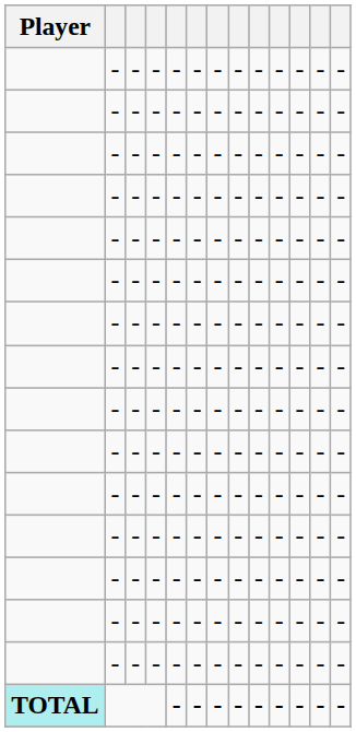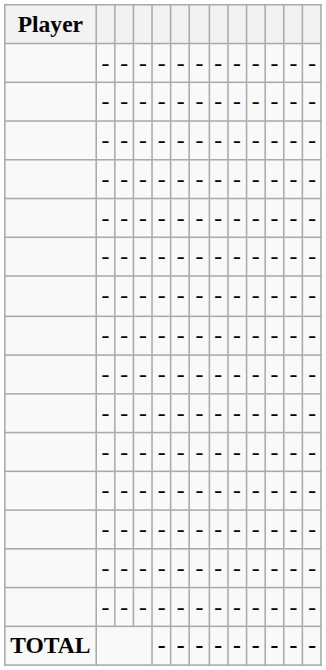 <table class="wikitable sortable" style="font-size:95%; text-align:right;">
 <tr>
 <th>Player</th>
 <th></th>
 <th></th>
 <th></th>
 <th></th>
 <th></th>
 <th></th>
 <th></th>
 <th></th>
 <th></th>
 <th></th>
 <th></th>
 <th></th>
 </tr>
 <tr>
 <td><strong></strong></td>
 <td>-</td>
 <td>-</td>
 <td>-</td>
 <td>-</td>
 <td>-</td>
 <td>-</td>
 <td>-</td>
 <td>-</td>
 <td>-</td>
 <td>-</td>
 <td>-</td>
 <td>-</td>
 </tr>
 <tr>
 <td><strong></strong></td>
 <td>-</td>
 <td>-</td>
 <td>-</td>
 <td>-</td>
 <td>-</td>
 <td>-</td>
 <td>-</td>
 <td>-</td>
 <td>-</td>
 <td>-</td>
 <td>-</td>
 <td>-</td>
 </tr>
 <tr>
 <td><strong></strong></td>
 <td>-</td>
 <td>-</td>
 <td>-</td>
 <td>-</td>
 <td>-</td>
 <td>-</td>
 <td>-</td>
 <td>-</td>
 <td>-</td>
 <td>-</td>
 <td>-</td>
 <td>-</td>
 </tr>
 <tr>
 <td><strong></strong></td>
 <td>-</td>
 <td>-</td>
 <td>-</td>
 <td>-</td>
 <td>-</td>
 <td>-</td>
 <td>-</td>
 <td>-</td>
 <td>-</td>
 <td>-</td>
 <td>-</td>
 <td>-</td>
 </tr>
 <tr>
 <td><strong></strong></td>
 <td>-</td>
 <td>-</td>
 <td>-</td>
 <td>-</td>
 <td>-</td>
 <td>-</td>
 <td>-</td>
 <td>-</td>
 <td>-</td>
 <td>-</td>
 <td>-</td>
 <td>-</td>
 </tr>
 <tr>
 <td><strong></strong></td>
 <td>-</td>
 <td>-</td>
 <td>-</td>
 <td>-</td>
 <td>-</td>
 <td>-</td>
 <td>-</td>
 <td>-</td>
 <td>-</td>
 <td>-</td>
 <td>-</td>
 <td>-</td>
 </tr>
 <tr>
 <td><strong></strong></td>
 <td>-</td>
 <td>-</td>
 <td>-</td>
 <td>-</td>
 <td>-</td>
 <td>-</td>
 <td>-</td>
 <td>-</td>
 <td>-</td>
 <td>-</td>
 <td>-</td>
 <td>-</td>
 </tr>
 <tr>
 <td><strong></strong></td>
 <td>-</td>
 <td>-</td>
 <td>-</td>
 <td>-</td>
 <td>-</td>
 <td>-</td>
 <td>-</td>
 <td>-</td>
 <td>-</td>
 <td>-</td>
 <td>-</td>
 <td>-</td>
 </tr>
 <tr>
 <td><strong></strong></td>
 <td>-</td>
 <td>-</td>
 <td>-</td>
 <td>-</td>
 <td>-</td>
 <td>-</td>
 <td>-</td>
 <td>-</td>
 <td>-</td>
 <td>-</td>
 <td>-</td>
 <td>-</td>
 </tr>
 <tr>
 <td><strong></strong></td>
 <td>-</td>
 <td>-</td>
 <td>-</td>
 <td>-</td>
 <td>-</td>
 <td>-</td>
 <td>-</td>
 <td>-</td>
 <td>-</td>
 <td>-</td>
 <td>-</td>
 <td>-</td>
 </tr>
 <tr>
 <td><strong></strong></td>
 <td>-</td>
 <td>-</td>
 <td>-</td>
 <td>-</td>
 <td>-</td>
 <td>-</td>
 <td>-</td>
 <td>-</td>
 <td>-</td>
 <td>-</td>
 <td>-</td>
 <td>-</td>
 </tr>
 <tr>
 <td><strong></strong></td>
 <td>-</td>
 <td>-</td>
 <td>-</td>
 <td>-</td>
 <td>-</td>
 <td>-</td>
 <td>-</td>
 <td>-</td>
 <td>-</td>
 <td>-</td>
 <td>-</td>
 <td>-</td>
 </tr>
 <tr>
 <td><strong></strong></td>
 <td>-</td>
 <td>-</td>
 <td>-</td>
 <td>-</td>
 <td>-</td>
 <td>-</td>
 <td>-</td>
 <td>-</td>
 <td>-</td>
 <td>-</td>
 <td>-</td>
 <td>-</td>
 </tr>
 <tr>
 <td><strong></strong></td>
 <td>-</td>
 <td>-</td>
 <td>-</td>
 <td>-</td>
 <td>-</td>
 <td>-</td>
 <td>-</td>
 <td>-</td>
 <td>-</td>
 <td>-</td>
 <td>-</td>
 <td>-</td>
 </tr>
 <tr>
 <td><strong></strong></td>
 <td>-</td>
 <td>-</td>
 <td>-</td>
 <td>-</td>
 <td>-</td>
 <td>-</td>
 <td>-</td>
 <td>-</td>
 <td>-</td>
 <td>-</td>
 <td>-</td>
 <td>-</td>
 </tr>
 <tr>
-<td align=center style="background: paleturquoise;"><strong>TOTAL</strong></td>
+<td align=center><strong>TOTAL</strong></td>
 <td colspan=3></td>
 <td><strong>-</strong></td>
 <td><strong>-</strong></td>
 <td><strong>-</strong></td>
 <td><strong>-</strong></td>
 <td><strong>-</strong></td>
 <td><strong>-</strong></td>
 <td><strong>-</strong></td>
 <td><strong>-</strong></td>
 <td><strong>-</strong></td>
 </tr>
 </table>
